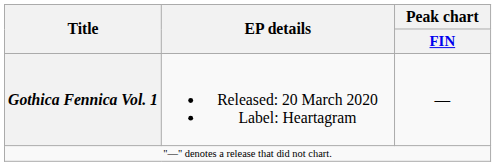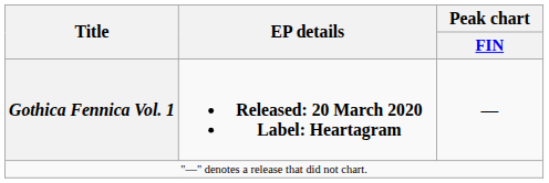 <table class ="wikitable plainrowheaders" style="text-align:center;">
 <tr>
 <th scope="col" rowspan="2">Title</th>
 <th scope="col" rowspan="2" style="width:230px;">EP details</th>
 <th scope="col" colspan="1">Peak chart</th>
 </tr>
 <tr>
 <th style="width:6em;font-size:95%"><a href='#'>FIN</a></th>
 </tr>
 <tr>
 <th scope="row"><em>Gothica Fennica Vol. 1</em></th>
-<td><br><ul><li>Released: 20 March 2020</li><li>Label: Heartagram</li></ul></td>
+<td><strong><br><ul><li>Released: 20 March 2020</li><li>Label: Heartagram</li></ul></strong></td>
 <td style="text-align:center;">—</td>
 </tr>
 <tr>
 <td colspan="6" style="text-align:center; font-size:8pt;">"—" denotes a release that did not chart.</td>
 </tr>
 </table>
